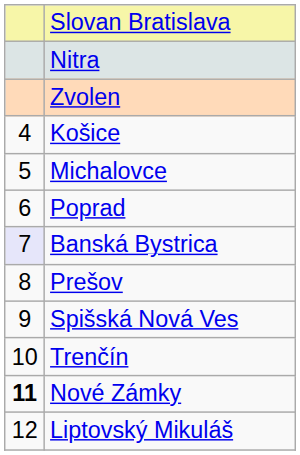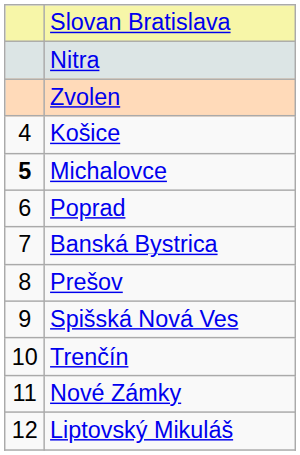 <table class="wikitable" style="width:200px;">
 <tr style="background:#F7F6A8;">
 <td align=center style="width:20px;"></td>
 <td><a href='#'>Slovan Bratislava</a></td>
 </tr>
 <tr style="background:#DCE5E5;">
 <td align=center></td>
 <td><a href='#'>Nitra</a></td>
 </tr>
 <tr style="background:#FFDAB9;">
 <td align=center></td>
 <td><a href='#'>Zvolen</a></td>
 </tr>
 <tr>
 <td align=center>4</td>
 <td><a href='#'>Košice</a></td>
 </tr>
 <tr>
-<td align=center>5</td>
+<td align=center><strong>5</strong></td>
 <td><a href='#'>Michalovce</a></td>
 </tr>
 <tr>
 <td align=center>6</td>
 <td><a href='#'>Poprad</a></td>
 </tr>
 <tr>
-<td align=center style="background: lavender;">7</td>
+<td align=center>7</td>
 <td><a href='#'>Banská Bystrica</a></td>
 </tr>
 <tr>
 <td align=center>8</td>
 <td><a href='#'>Prešov</a></td>
 </tr>
 <tr>
 <td align=center>9</td>
 <td><a href='#'>Spišská Nová Ves</a></td>
 </tr>
 <tr>
 <td align=center>10</td>
 <td><a href='#'>Trenčín</a></td>
 </tr>
 <tr>
-<td align=center><strong>11</strong></td>
+<td align=center>11</td>
 <td><a href='#'>Nové Zámky</a></td>
 </tr>
 <tr>
 <td align=center>12</td>
 <td><a href='#'>Liptovský Mikuláš</a></td>
 </tr>
 </table>
